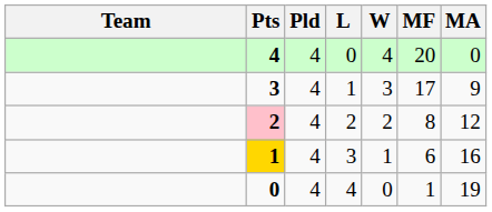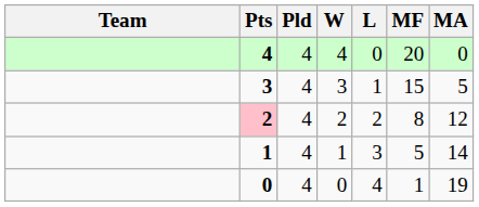 <table class=wikitable style="text-align:right">
 <tr>
 <th width=175>Team</th>
 <th width=20>Pts</th>
 <th width=20>Pld</th>
+<th width=20>W</th>
 <th width=20>L</th>
-<th width=20>W</th>
 <th width=20>MF</th>
 <th width=20>MA</th>
 </tr>
 <tr bgcolor=ccffcc>
 <td style="text-align:left"><strong></strong></td>
 <td><strong>4</strong></td>
 <td>4</td>
+<td>4</td>
 <td>0</td>
-<td>4</td>
 <td>20</td>
 <td>0</td>
 </tr>
 <tr>
 <td style="text-align:left"></td>
 <td><strong>3</strong></td>
 <td>4</td>
+<td>3</td>
 <td>1</td>
-<td>3</td>
-<td>17</td>
-<td>9</td>
+<td>15</td>
+<td>5</td>
 </tr>
 <tr>
 <td style="text-align:left"></td>
 <td style="background: pink;"><strong>2</strong></td>
 <td>4</td>
 <td>2</td>
 <td>2</td>
 <td>8</td>
 <td>12</td>
 </tr>
 <tr>
 <td style="text-align:left"></td>
-<td style="background: gold;"><strong>1</strong></td>
+<td><strong>1</strong></td>
 <td>4</td>
+<td>1</td>
 <td>3</td>
-<td>1</td>
-<td>6</td>
-<td>16</td>
+<td>5</td>
+<td>14</td>
 </tr>
 <tr>
 <td style="text-align:left"></td>
 <td><strong>0</strong></td>
 <td>4</td>
+<td>0</td>
 <td>4</td>
-<td>0</td>
 <td>1</td>
 <td>19</td>
 </tr>
 </table>
